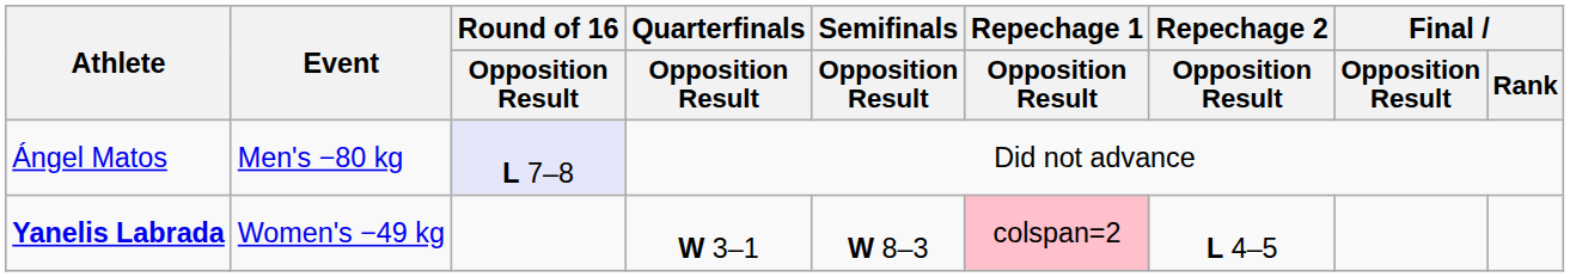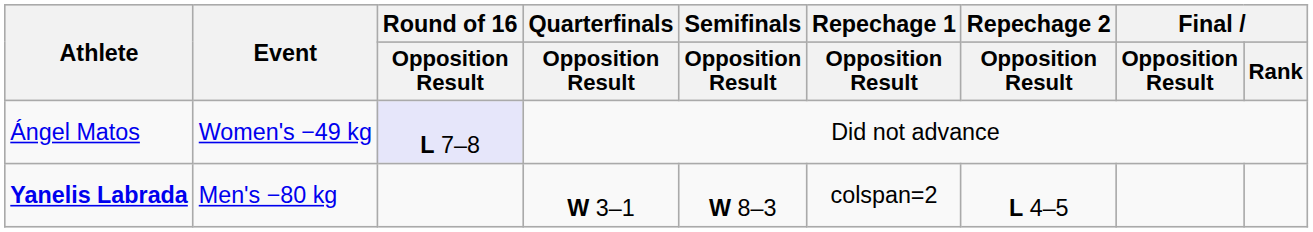 <table class="wikitable" style="font-size:90%;">
 <tr>
 <th rowspan=2>Athlete</th>
 <th rowspan=2>Event</th>
 <th>Round of 16</th>
 <th>Quarterfinals</th>
 <th>Semifinals</th>
 <th>Repechage 1</th>
 <th>Repechage 2</th>
 <th colspan=2>Final / </th>
 </tr>
 <tr style="font-size:95%">
 <th>Opposition<br>Result</th>
 <th>Opposition<br>Result</th>
 <th>Opposition<br>Result</th>
 <th>Opposition<br>Result</th>
 <th>Opposition<br>Result</th>
 <th>Opposition<br>Result</th>
 <th>Rank</th>
 </tr>
 <tr align=center>
 <td align=left><a href='#'>Ángel Matos</a></td>
-<td align=left><a href='#'>Men's −80 kg</a></td>
+<td align=left><a href='#'>Women's −49 kg</a></td>
 <td style="background: lavender;"><br><strong>L</strong> 7–8</td>
 <td colspan=6>Did not advance</td>
 </tr>
 <tr align=center>
 <td align=left><strong><a href='#'>Yanelis Labrada</a></strong></td>
-<td align=left><a href='#'>Women's −49 kg</a></td>
+<td align=left><a href='#'>Men's −80 kg</a></td>
 <td></td>
 <td><br><strong>W</strong> 3–1</td>
 <td><br><strong>W</strong> 8–3</td>
-<td style="background: pink;">colspan=2 </td>
+<td>colspan=2 </td>
 <td><br><strong>L</strong> 4–5</td>
 <td></td>
 </tr>
 </table>
